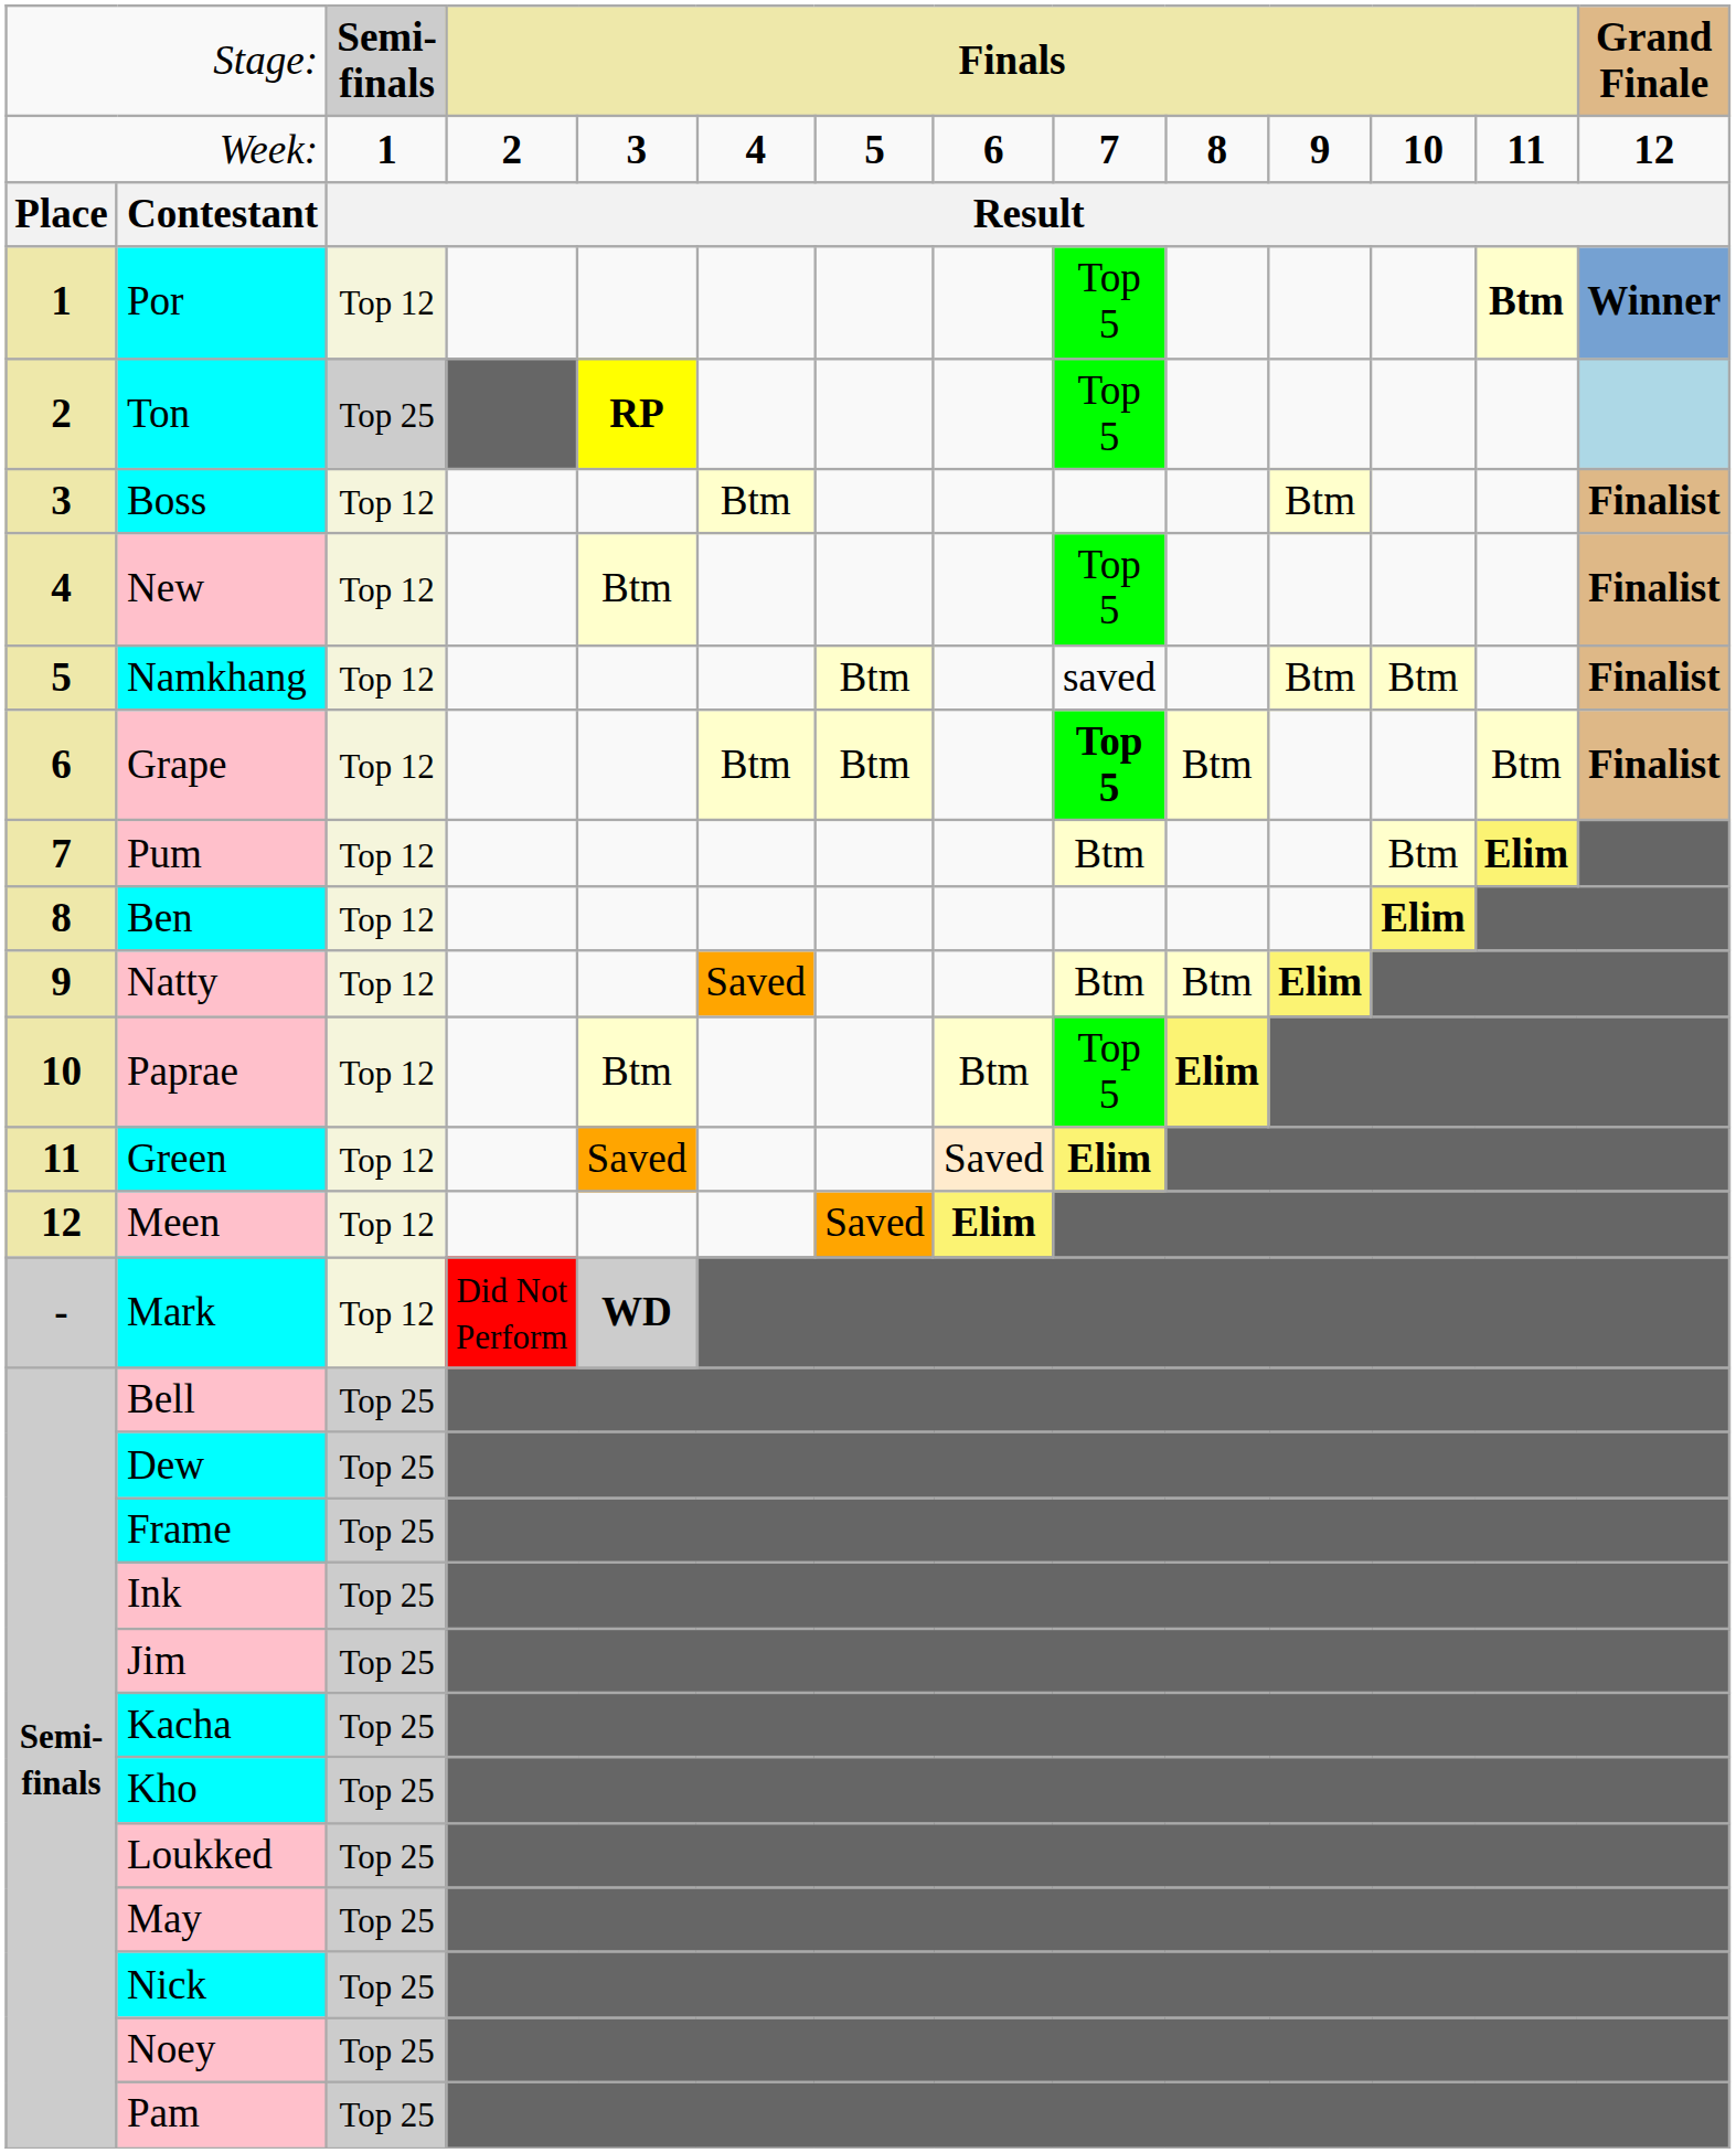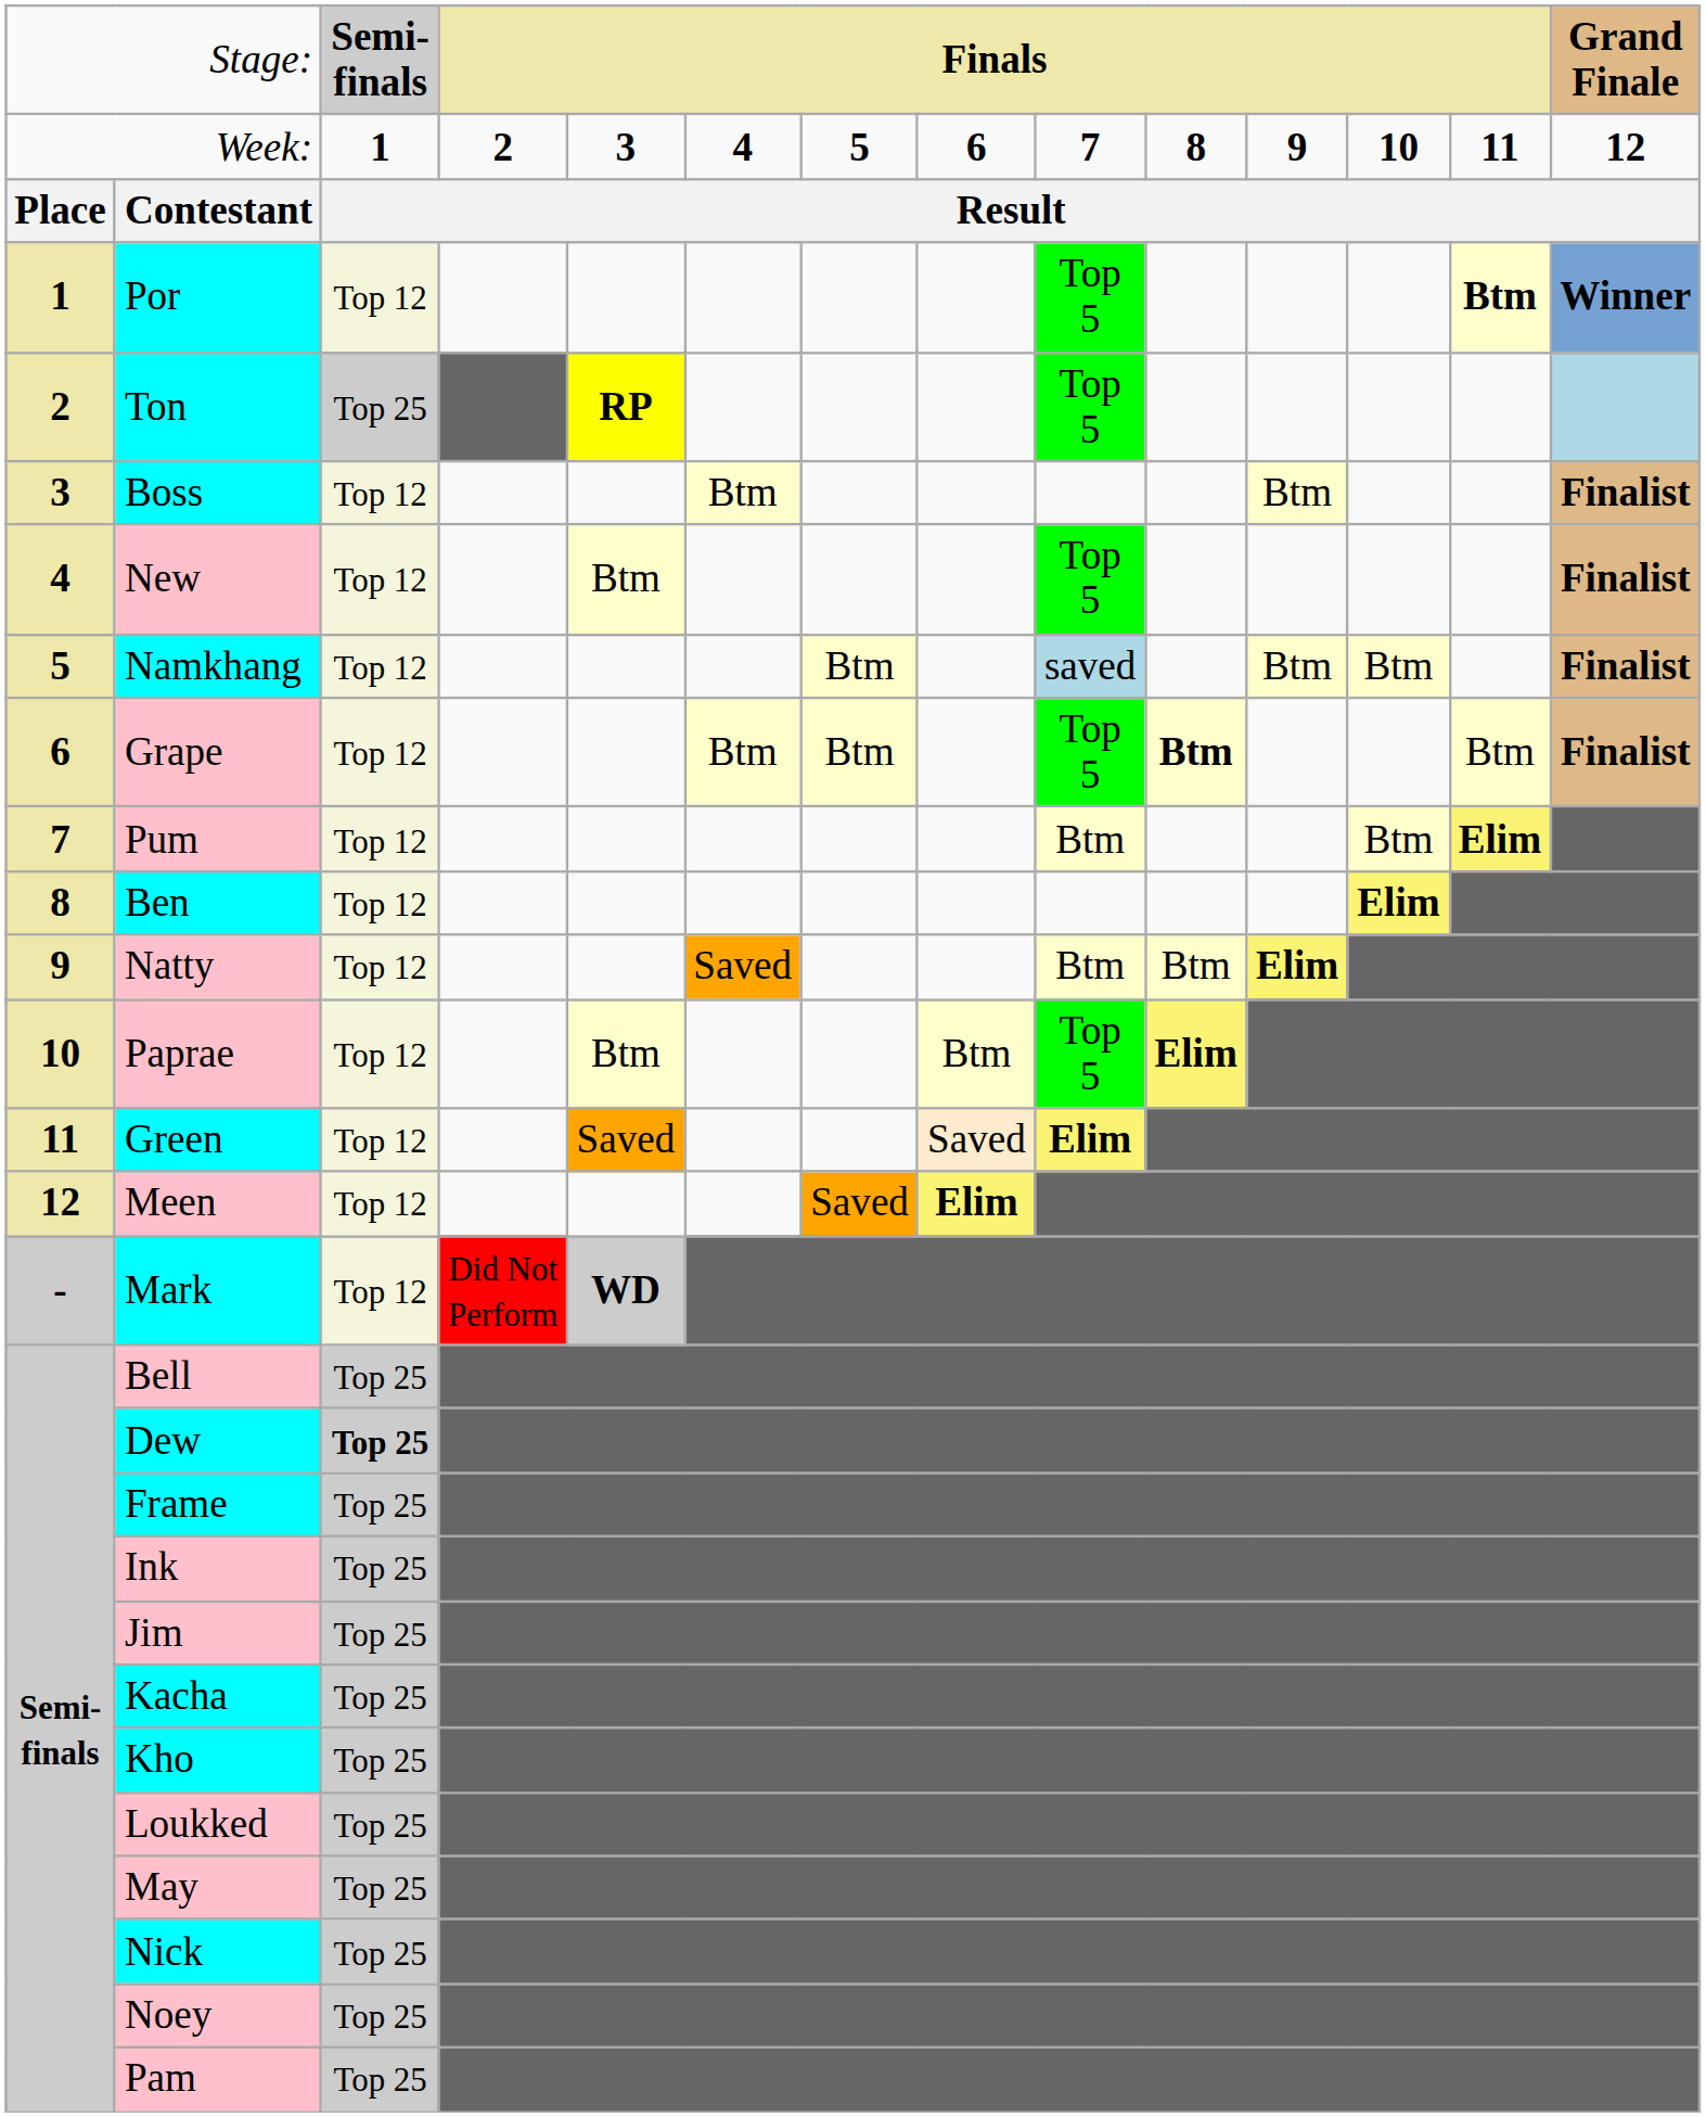 <table class="wikitable" width=40% style="margin:1em auto;">
 <tr>
 <td width=30% colspan="2" align="right"><em>Stage:</em></td>
 <td colspan="1" bgcolor="CCCCCC" align="Center"><strong>Semi-finals</strong></td>
 <td colspan="10" bgcolor="palegoldenrod" align="Center"><strong>Finals</strong></td>
 <td colspan="1" bgcolor="#DEB887" align="Center"><strong>Grand Finale</strong></td>
 </tr>
 <tr>
 <td colspan="2" align="right"><em>Week:</em></td>
 <td align="center"><strong>1</strong></td>
 <td align="center"><strong>2</strong></td>
 <td align="center"><strong>3</strong></td>
 <td align="center"><strong>4</strong></td>
 <td align="center"><strong>5</strong></td>
 <td align="center"><strong>6</strong></td>
 <td align="center"><strong>7</strong></td>
 <td align="center"><strong>8</strong></td>
 <td align="center"><strong>9</strong></td>
 <td align="center"><strong>10</strong></td>
 <td align="center"><strong>11</strong></td>
 <td align="center"><strong>12</strong></td>
 </tr>
 <tr>
 <th>Place</th>
 <th>Contestant</th>
 <th colspan="12" align="center">Result</th>
 </tr>
 <tr>
 <td align="center" bgcolor="palegoldenrod"><strong>1</strong></td>
 <td bgcolor="cyan">Por</td>
 <td bgcolor="#F5F5DC" align="center"><small>Top 12</small></td>
 <td></td>
 <td></td>
 <td></td>
 <td></td>
 <td></td>
 <td style="background:lime; text-align:center;">Top 5</td>
 <td></td>
 <td></td>
 <td></td>
 <td style="background:#ffc; text-align:center;"><strong>Btm</strong></td>
 <td style="color:black; text-align:center; background-color:#75A1D2"><strong>Winner</strong></td>
 </tr>
 <tr>
 <td align="center" bgcolor="palegoldenrod"><strong>2</strong></td>
 <td bgcolor="cyan">Ton</td>
 <td bgcolor="CCCCCC" align="center"><small>Top 25</small></td>
 <td colspan="1" bgcolor="666666"></td>
 <td bgcolor="yellow" align="center"><strong>RP</strong></td>
 <td></td>
 <td></td>
 <td></td>
 <td style="background:lime; text-align:center;">Top 5</td>
 <td></td>
 <td></td>
 <td></td>
 <td></td>
 <td style="background:lightblue; text-align:center;"></td>
 </tr>
 <tr>
 <td align="center" bgcolor="palegoldenrod"><strong>3</strong></td>
 <td bgcolor="cyan">Boss</td>
 <td bgcolor="#F5F5DC" align="center"><small>Top 12</small></td>
 <td></td>
 <td></td>
 <td bgcolor="FFFFCC" align="center">Btm</td>
 <td></td>
 <td></td>
 <td></td>
 <td></td>
 <td style="background:#ffc; text-align:center;">Btm</td>
 <td></td>
 <td></td>
 <td bgcolor="#DEB887" align="center"><strong>Finalist</strong></td>
 </tr>
 <tr>
 <td align="center" bgcolor="palegoldenrod"><strong>4</strong></td>
 <td bgcolor="pink">New</td>
 <td bgcolor="#F5F5DC" align="center"><small>Top 12</small></td>
 <td></td>
 <td bgcolor="FFFFCC" align="center">Btm</td>
 <td></td>
 <td></td>
 <td></td>
 <td bgcolor="lime" align="center">Top 5</td>
 <td></td>
 <td></td>
 <td></td>
 <td></td>
 <td bgcolor="#DEB887" align="center"><strong>Finalist</strong></td>
 </tr>
 <tr>
 <td align="center" bgcolor="palegoldenrod"><strong>5</strong></td>
 <td bgcolor="cyan">Namkhang</td>
 <td bgcolor="#F5F5DC" align="center"><small>Top 12</small></td>
 <td></td>
 <td></td>
 <td></td>
 <td bgcolor="FFFFCC" align="center">Btm</td>
 <td></td>
-<td><span>saved</span></td>
+<td style="background: lightblue;"><span>saved</span></td>
 <td></td>
 <td bgcolor="FFFFCC" align="center">Btm</td>
 <td bgcolor="FFFFCC" align="center">Btm</td>
 <td></td>
 <td bgcolor="#DEB887" align="center"><strong>Finalist</strong></td>
 </tr>
 <tr>
 <td align="center" bgcolor="palegoldenrod"><strong>6</strong></td>
 <td bgcolor="pink">Grape</td>
 <td bgcolor="#F5F5DC" align="center"><small>Top 12</small></td>
 <td></td>
 <td></td>
 <td bgcolor="FFFFCC" align="center">Btm</td>
 <td bgcolor="FFFFCC" align="center">Btm</td>
 <td></td>
-<td bgcolor="lime" align="center"><strong>Top 5</strong></td>
-<td bgcolor="FFFFCC" align="center">Btm</td>
+<td bgcolor="lime" align="center">Top 5</td>
+<td bgcolor="FFFFCC" align="center"><strong>Btm</strong></td>
 <td></td>
 <td></td>
 <td bgcolor="FFFFCC" align="center">Btm</td>
 <td bgcolor="#DEB887" align="center"><strong>Finalist</strong></td>
 </tr>
 <tr>
 <td style="text-align:center; background:palegoldenrod;"><strong>7</strong></td>
 <td bgcolor="pink">Pum</td>
 <td bgcolor="#F5F5DC" align="center"><small>Top 12</small></td>
 <td></td>
 <td></td>
 <td></td>
 <td></td>
 <td></td>
 <td bgcolor="FFFFCC" align="center">Btm</td>
 <td></td>
 <td></td>
 <td bgcolor="FFFFCC" align="center">Btm</td>
 <td style="background:#fbf373; text-align:center;"><strong>Elim</strong></td>
 <td colspan="6" bgcolor="666666"></td>
 </tr>
 <tr>
 <td align="center" bgcolor="palegoldenrod"><strong>8</strong></td>
 <td bgcolor="cyan">Ben</td>
 <td bgcolor="#F5F5DC" align="center"><small>Top 12</small></td>
 <td></td>
 <td></td>
 <td></td>
 <td></td>
 <td></td>
 <td></td>
 <td></td>
 <td></td>
 <td style="background:#fbf373; text-align:center;"><strong>Elim</strong></td>
 <td colspan="6" bgcolor="666666"></td>
 </tr>
 <tr>
 <td align="center" bgcolor="palegoldenrod"><strong>9</strong></td>
 <td bgcolor="pink">Natty</td>
 <td bgcolor="#F5F5DC" align="center"><small>Top 12</small></td>
 <td></td>
 <td></td>
 <td bgcolor="orange" align="center">Saved</td>
 <td></td>
 <td></td>
 <td bgcolor="FFFFCC" align="center">Btm</td>
 <td bgcolor="FFFFCC" align="center">Btm</td>
 <td bgcolor="FBF373" align="center"><strong>Elim</strong></td>
 <td colspan="6" bgcolor="666666"></td>
 </tr>
 <tr>
 <td align="center" bgcolor="palegoldenrod"><strong>10</strong></td>
 <td bgcolor="pink">Paprae</td>
 <td bgcolor="#F5F5DC" align="center"><small>Top 12</small></td>
 <td></td>
 <td bgcolor="FFFFCC" align="center">Btm</td>
 <td></td>
 <td></td>
 <td bgcolor="FFFFCC" align="center">Btm</td>
 <td bgcolor="lime" align="center">Top 5</td>
 <td bgcolor="FBF373" align="center"><strong>Elim</strong></td>
 <td colspan="6" bgcolor="666666"></td>
 </tr>
 <tr>
 <td align="center" bgcolor="palegoldenrod"><strong>11</strong></td>
 <td bgcolor="cyan">Green</td>
 <td bgcolor="#F5F5DC" align="center"><small>Top 12</small></td>
 <td></td>
 <td bgcolor="orange" align="center">Saved</td>
 <td></td>
 <td></td>
 <td bgcolor="#FFEBCD" align="center">Saved</td>
 <td bgcolor="FBF373" align="center"><strong>Elim</strong></td>
 <td colspan="6" bgcolor="666666"></td>
 </tr>
 <tr>
 <td align="center" bgcolor="palegoldenrod"><strong>12</strong></td>
 <td bgcolor="pink">Meen</td>
 <td bgcolor="#F5F5DC" align="center"><small>Top 12</small></td>
 <td></td>
 <td></td>
 <td></td>
 <td bgcolor="orange" align="center">Saved</td>
 <td bgcolor="FBF373" align="center"><strong>Elim</strong></td>
 <td colspan="6" bgcolor="666666"></td>
 </tr>
 <tr>
 <td align="center" bgcolor="CCCCCC"><strong>-</strong></td>
 <td bgcolor="cyan">Mark</td>
 <td bgcolor="#F5F5DC" align="center"><small>Top 12</small></td>
 <td bgcolor="red" align="center"><small>Did Not Perform</small></td>
 <td bgcolor="CCCCCC" align="center"><strong>WD</strong></td>
 <td colspan="9" bgcolor="666666"></td>
 </tr>
 <tr>
 <td align="center" bgcolor="#CCCCCC" rowspan="12"><small><strong>Semi-finals</strong></small></td>
 <td bgcolor="pink">Bell</td>
 <td bgcolor="CCCCCC" align="center"><small>Top 25</small></td>
 <td colspan="11" bgcolor="666666"></td>
 </tr>
 <tr>
 <td bgcolor="cyan">Dew</td>
-<td bgcolor="CCCCCC" align="center"><small>Top 25</small></td>
+<td bgcolor="CCCCCC" align="center"><strong><small>Top 25</small></strong></td>
 <td colspan="11" bgcolor="666666"></td>
 </tr>
 <tr>
 <td bgcolor="cyan">Frame</td>
 <td bgcolor="CCCCCC" align="center"><small>Top 25</small></td>
 <td colspan="11" bgcolor="666666"></td>
 </tr>
 <tr>
 <td bgcolor="pink">Ink</td>
 <td bgcolor="CCCCCC" align="center"><small>Top 25</small></td>
 <td colspan="11" bgcolor="666666"></td>
 </tr>
 <tr>
 <td bgcolor="pink">Jim</td>
 <td bgcolor="CCCCCC" align="center"><small>Top 25</small></td>
 <td colspan="11" bgcolor="666666"></td>
 </tr>
 <tr>
 <td bgcolor="cyan">Kacha</td>
 <td bgcolor="CCCCCC" align="center"><small>Top 25</small></td>
 <td colspan="11" bgcolor="666666"></td>
 </tr>
 <tr>
 <td bgcolor="cyan">Kho</td>
 <td bgcolor="CCCCCC" align="center"><small>Top 25</small></td>
 <td colspan="11" bgcolor="666666"></td>
 </tr>
 <tr>
 <td bgcolor="pink">Loukked</td>
 <td bgcolor="CCCCCC" align="center"><small>Top 25</small></td>
 <td colspan="11" bgcolor="666666"></td>
 </tr>
 <tr>
 <td bgcolor="pink">May</td>
 <td bgcolor="CCCCCC" align="center"><small>Top 25</small></td>
 <td colspan="11" bgcolor="666666"></td>
 </tr>
 <tr>
 <td bgcolor="cyan">Nick</td>
 <td bgcolor="CCCCCC" align="center"><small>Top 25</small></td>
 <td colspan="11" bgcolor="666666"></td>
 </tr>
 <tr>
 <td bgcolor="pink">Noey</td>
 <td bgcolor="CCCCCC" align="center"><small>Top 25</small></td>
 <td colspan="11" bgcolor="666666"></td>
 </tr>
 <tr>
 <td bgcolor="pink">Pam</td>
 <td bgcolor="CCCCCC" align="center"><small>Top 25</small></td>
 <td colspan="11" bgcolor="666666"></td>
 </tr>
 <tr>
 </tr>
 </table>
